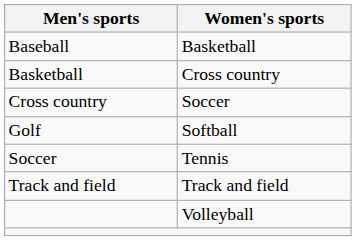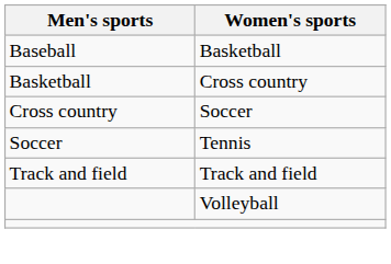 <table class="wikitable"; style= "text-align: ">
 <tr>
 <th width=150px>Men's sports</th>
 <th width=150px>Women's sports</th>
 </tr>
 <tr>
 <td>Baseball</td>
 <td>Basketball</td>
 </tr>
 <tr>
 <td>Basketball</td>
 <td>Cross country</td>
 </tr>
 <tr>
 <td>Cross country</td>
 <td>Soccer</td>
 </tr>
 <tr>
-<td>Golf</td>
-<td>Softball</td>
-</tr>
-<tr>
 <td>Soccer</td>
 <td>Tennis</td>
 </tr>
 <tr>
 <td>Track and field</td>
 <td>Track and field</td>
 </tr>
 <tr>
 <td></td>
 <td>Volleyball</td>
 </tr>
 <tr>
 <td colspan="2"></td>
 </tr>
 </table>
